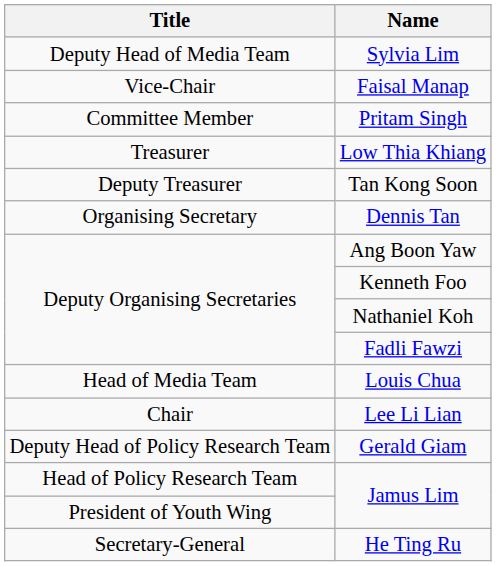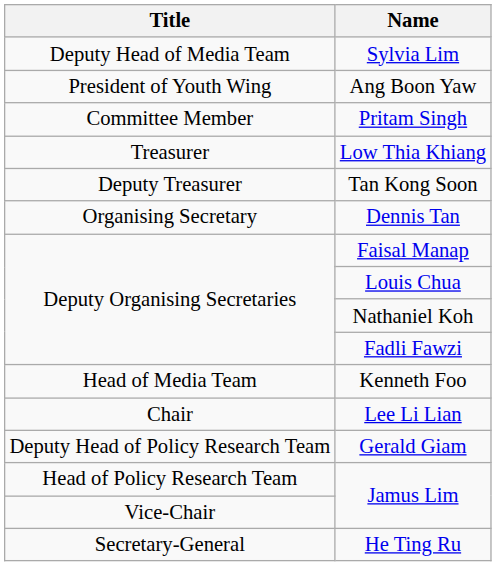 <table class="wikitable" style="text-align:center;">
 <tr>
 <th>Title</th>
 <th>Name</th>
 </tr>
 <tr>
 <td>Deputy Head of Media Team</td>
 <td><a href='#'>Sylvia Lim</a></td>
 </tr>
 <tr>
-<td>Vice-Chair</td>
-<td><a href='#'>Faisal Manap</a></td>
+<td>President of Youth Wing</td>
+<td>Ang Boon Yaw</td>
 </tr>
 <tr>
 <td>Committee Member</td>
 <td><a href='#'>Pritam Singh</a></td>
 </tr>
 <tr>
 <td>Treasurer</td>
 <td><a href='#'>Low Thia Khiang</a></td>
 </tr>
 <tr>
 <td>Deputy Treasurer</td>
 <td>Tan Kong Soon</td>
 </tr>
 <tr>
 <td>Organising Secretary</td>
 <td><a href='#'>Dennis Tan</a></td>
 </tr>
 <tr>
 <td rowspan="4">Deputy Organising Secretaries</td>
-<td>Ang Boon Yaw</td>
+<td><a href='#'>Faisal Manap</a></td>
 </tr>
 <tr>
-<td>Kenneth Foo</td>
+<td><a href='#'>Louis Chua</a></td>
 </tr>
 <tr>
 <td>Nathaniel Koh</td>
 </tr>
 <tr>
 <td><a href='#'>Fadli Fawzi</a></td>
 </tr>
 <tr>
 <td>Head of Media Team</td>
-<td><a href='#'>Louis Chua</a></td>
+<td>Kenneth Foo</td>
 </tr>
 <tr>
 <td>Chair</td>
 <td><a href='#'>Lee Li Lian</a></td>
 </tr>
 <tr>
 <td>Deputy Head of Policy Research Team</td>
 <td><a href='#'>Gerald Giam</a></td>
 </tr>
 <tr>
 <td>Head of Policy Research Team</td>
 <td rowspan="2"><a href='#'>Jamus Lim</a></td>
 </tr>
 <tr>
-<td>President of Youth Wing</td>
+<td>Vice-Chair</td>
 </tr>
 <tr>
 <td>Secretary-General</td>
 <td><a href='#'>He Ting Ru</a></td>
 </tr>
 </table>
